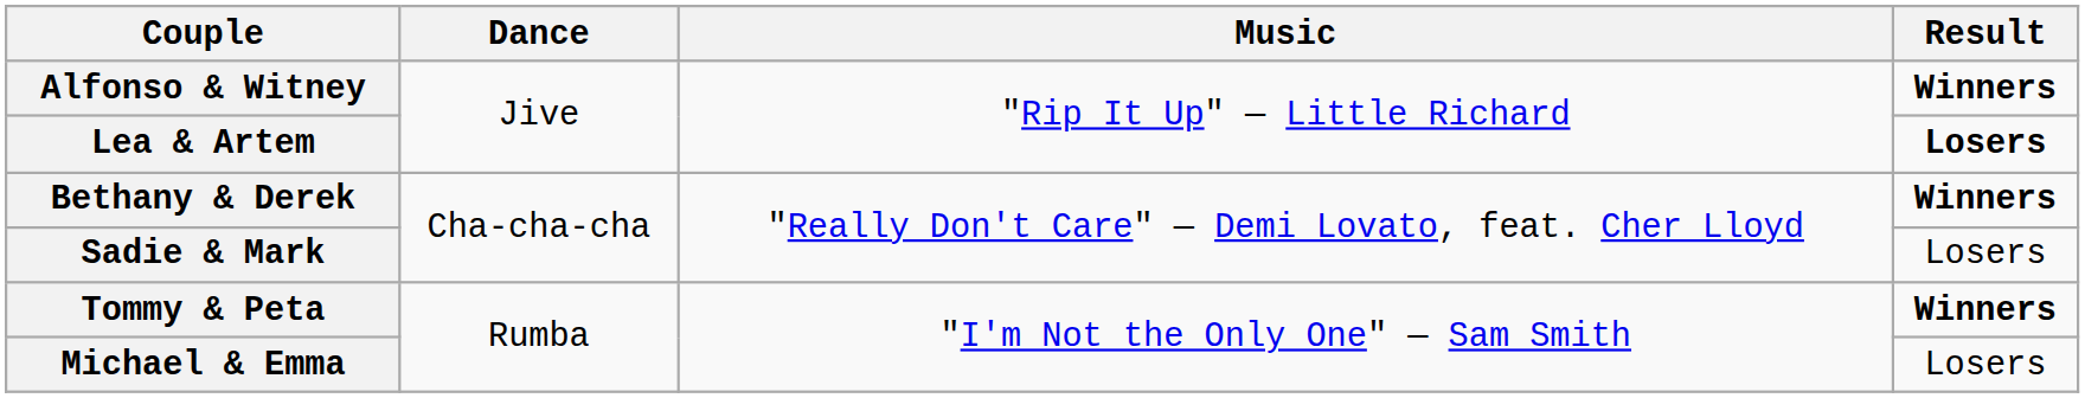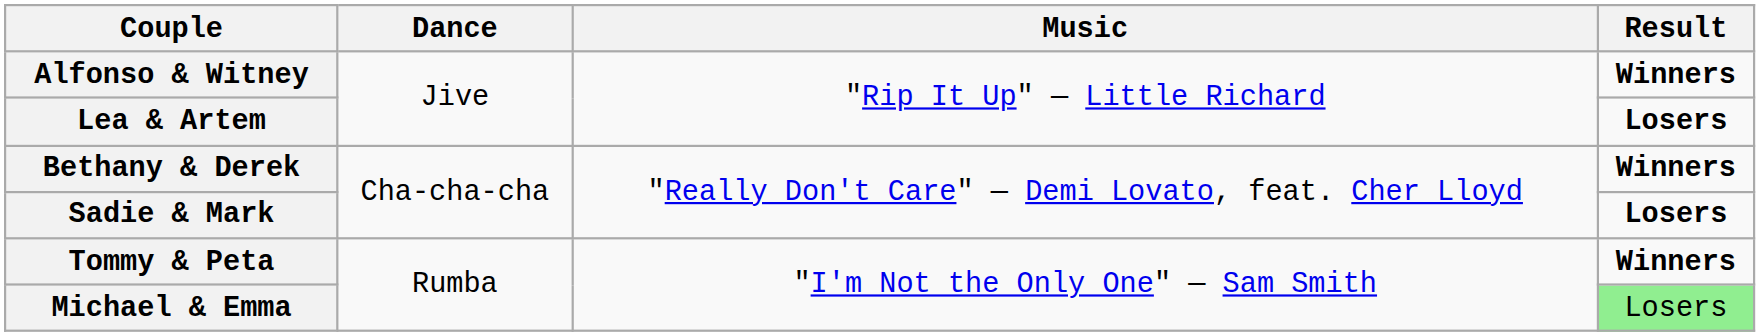 <table class="wikitable unsortable" style="text-align:center; width:90%">
 <tr>
 <th scope="col">Couple</th>
 <th scope="col">Dance</th>
 <th scope="col">Music</th>
 <th scope="col">Result</th>
 </tr>
 <tr>
 <th scope="row">Alfonso & Witney</th>
 <td rowspan=2>Jive</td>
 <td rowspan=2>"<a href='#'>Rip It Up</a>" — <a href='#'>Little Richard</a></td>
 <td><strong>Winners</strong></td>
 </tr>
 <tr>
 <th scope="row">Lea & Artem</th>
 <td><strong>Losers</strong></td>
 </tr>
 <tr>
 <th scope="row">Bethany & Derek</th>
 <td rowspan=2>Cha-cha-cha</td>
 <td rowspan=2>"<a href='#'>Really Don't Care</a>" — <a href='#'>Demi Lovato</a>, feat. <a href='#'>Cher Lloyd</a></td>
 <td><strong>Winners</strong></td>
 </tr>
 <tr>
 <th scope="row">Sadie & Mark</th>
-<td>Losers</td>
+<td><strong>Losers</strong></td>
 </tr>
 <tr>
 <th scope="row">Tommy & Peta</th>
 <td rowspan=2>Rumba</td>
 <td rowspan=2>"<a href='#'>I'm Not the Only One</a>" — <a href='#'>Sam Smith</a></td>
 <td><strong>Winners</strong></td>
 </tr>
 <tr>
 <th scope="row">Michael & Emma</th>
-<td>Losers</td>
+<td style="background: lightgreen;">Losers</td>
 </tr>
 </table>
